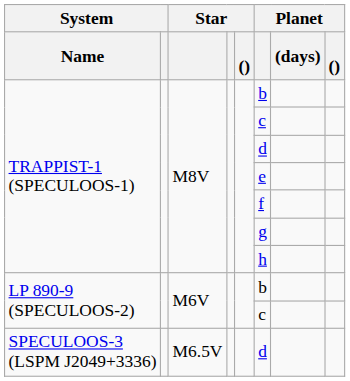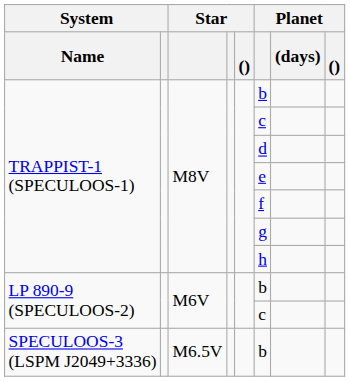 <table class="wikitable sortable">
 <tr>
 <th colspan=2>System</th>
 <th colspan=3>Star</th>
 <th colspan=3>Planet</th>
 </tr>
 <tr>
 <th>Name</th>
 <th></th>
 <th></th>
 <th></th>
 <th><br>()</th>
 <th></th>
 <th> (days)</th>
 <th><br>()</th>
 </tr>
 <tr>
 <td rowspan=7><a href='#'>TRAPPIST-1</a><br>(SPECULOOS-1)</td>
 <td rowspan=7></td>
 <td rowspan=7>M8V</td>
 <td rowspan=7></td>
 <td rowspan=7></td>
 <td><a href='#'>b</a></td>
 <td></td>
 <td></td>
 </tr>
 <tr>
 <td><a href='#'>c</a></td>
 <td></td>
 <td></td>
 </tr>
 <tr>
 <td><a href='#'>d</a></td>
 <td></td>
 <td></td>
 </tr>
 <tr>
 <td><a href='#'>e</a></td>
 <td></td>
 <td></td>
 </tr>
 <tr>
 <td><a href='#'>f</a></td>
 <td></td>
 <td></td>
 </tr>
 <tr>
 <td><a href='#'>g</a></td>
 <td></td>
 <td></td>
 </tr>
 <tr>
 <td><a href='#'>h</a></td>
 <td></td>
 <td></td>
 </tr>
 <tr>
 <td rowspan=2><a href='#'>LP 890-9</a><br>(SPECULOOS-2)</td>
 <td rowspan=2></td>
 <td rowspan=2>M6V</td>
 <td rowspan=2></td>
 <td rowspan=2></td>
 <td>b</td>
 <td></td>
 <td></td>
 </tr>
 <tr>
 <td>c</td>
 <td></td>
 <td></td>
 </tr>
 <tr>
 <td><a href='#'>SPECULOOS-3</a><br>(LSPM J2049+3336)</td>
 <td></td>
 <td>M6.5V</td>
 <td></td>
 <td></td>
-<td><a href='#'>d</a></td>
+<td>b</td>
 <td></td>
 <td></td>
 </tr>
 </table>
